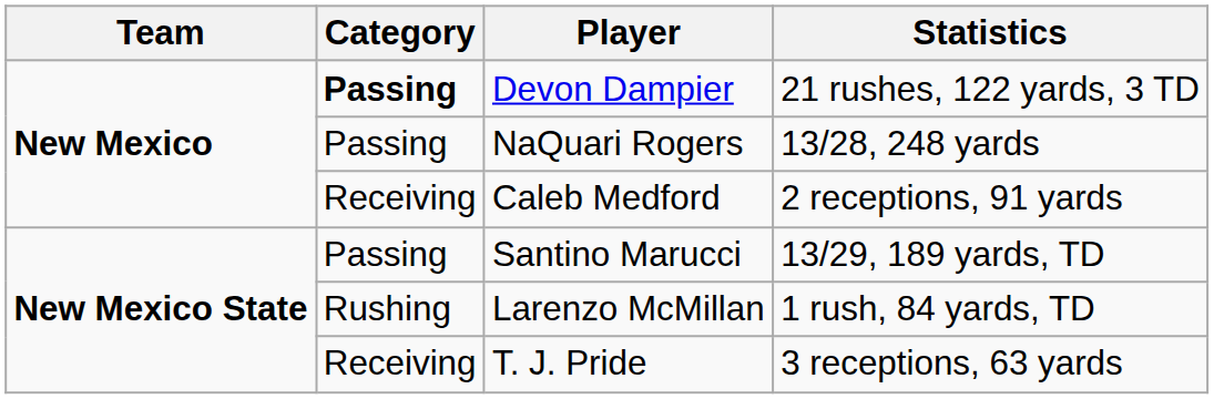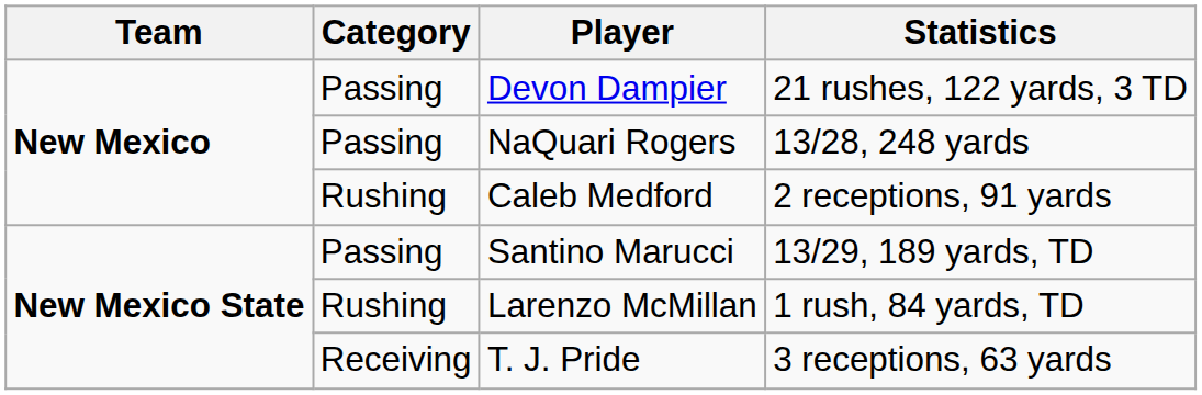 <table class="wikitable" style="float: right;">
 <tr>
 <th>Team</th>
 <th>Category</th>
 <th>Player</th>
 <th>Statistics</th>
 </tr>
 <tr>
 <td rowspan=3><strong>New Mexico</strong></td>
-<td><strong>Passing</strong></td>
+<td>Passing</td>
 <td><a href='#'>Devon Dampier</a></td>
 <td>21 rushes, 122 yards, 3 TD</td>
 </tr>
 <tr>
 <td>Passing</td>
 <td>NaQuari Rogers</td>
 <td>13/28, 248 yards</td>
 </tr>
 <tr>
-<td>Receiving</td>
+<td>Rushing</td>
 <td>Caleb Medford</td>
 <td>2 receptions, 91 yards</td>
 </tr>
 <tr>
 <td rowspan=3><strong>New Mexico State</strong></td>
 <td>Passing</td>
 <td>Santino Marucci</td>
 <td>13/29, 189 yards, TD</td>
 </tr>
 <tr>
 <td>Rushing</td>
 <td>Larenzo McMillan</td>
 <td>1 rush, 84 yards, TD</td>
 </tr>
 <tr>
 <td>Receiving</td>
 <td>T. J. Pride</td>
 <td>3 receptions, 63 yards</td>
 </tr>
 </table>
